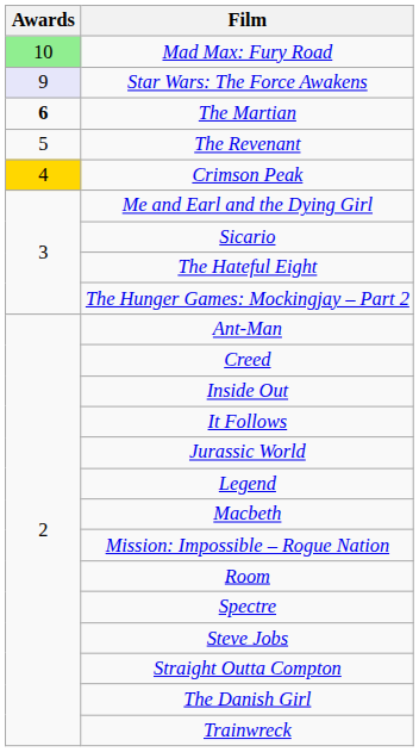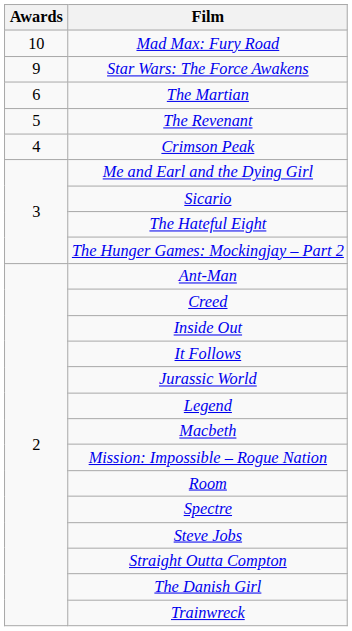 <table class="wikitable" style="text-align:center;">
 <tr>
 <th scope="col" width="55">Awards</th>
 <th scope="col">Film</th>
 </tr>
 <tr>
-<td rowspan=1 style="background: lightgreen;">10</td>
+<td rowspan=1>10</td>
 <td><em><a href='#'>Mad Max: Fury Road</a></em></td>
 </tr>
 <tr>
-<td rowspan=1 style="background: lavender;">9</td>
+<td rowspan=1>9</td>
 <td><em><a href='#'>Star Wars: The Force Awakens</a></em></td>
 </tr>
 <tr>
-<td rowspan=1><strong>6</strong></td>
+<td rowspan=1>6</td>
 <td><em><a href='#'>The Martian</a></em></td>
 </tr>
 <tr>
 <td rowspan=1>5</td>
 <td><em><a href='#'>The Revenant</a></em></td>
 </tr>
 <tr>
-<td rowspan=1 style="background: gold;">4</td>
+<td rowspan=1>4</td>
 <td><em><a href='#'>Crimson Peak</a></em></td>
 </tr>
 <tr>
 <td rowspan=4>3</td>
 <td><em><a href='#'>Me and Earl and the Dying Girl</a></em></td>
 </tr>
 <tr>
 <td><em><a href='#'>Sicario</a></em></td>
 </tr>
 <tr>
 <td><em><a href='#'>The Hateful Eight</a></em></td>
 </tr>
 <tr>
 <td><em><a href='#'>The Hunger Games: Mockingjay – Part 2</a></em></td>
 </tr>
 <tr>
 <td rowspan=14>2</td>
 <td><em><a href='#'>Ant-Man</a></em></td>
 </tr>
 <tr>
 <td><em><a href='#'>Creed</a></em></td>
 </tr>
 <tr>
 <td><em><a href='#'>Inside Out</a></em></td>
 </tr>
 <tr>
 <td><em><a href='#'>It Follows</a></em></td>
 </tr>
 <tr>
 <td><em><a href='#'>Jurassic World</a></em></td>
 </tr>
 <tr>
 <td><em><a href='#'>Legend</a></em></td>
 </tr>
 <tr>
 <td><em><a href='#'>Macbeth</a></em></td>
 </tr>
 <tr>
 <td><em><a href='#'>Mission: Impossible – Rogue Nation</a></em></td>
 </tr>
 <tr>
 <td><em><a href='#'>Room</a></em></td>
 </tr>
 <tr>
 <td><em><a href='#'>Spectre</a></em></td>
 </tr>
 <tr>
 <td><em><a href='#'>Steve Jobs</a></em></td>
 </tr>
 <tr>
 <td><em><a href='#'>Straight Outta Compton</a></em></td>
 </tr>
 <tr>
 <td><em><a href='#'>The Danish Girl</a></em></td>
 </tr>
 <tr>
 <td><em><a href='#'>Trainwreck</a></em></td>
 </tr>
 </table>
